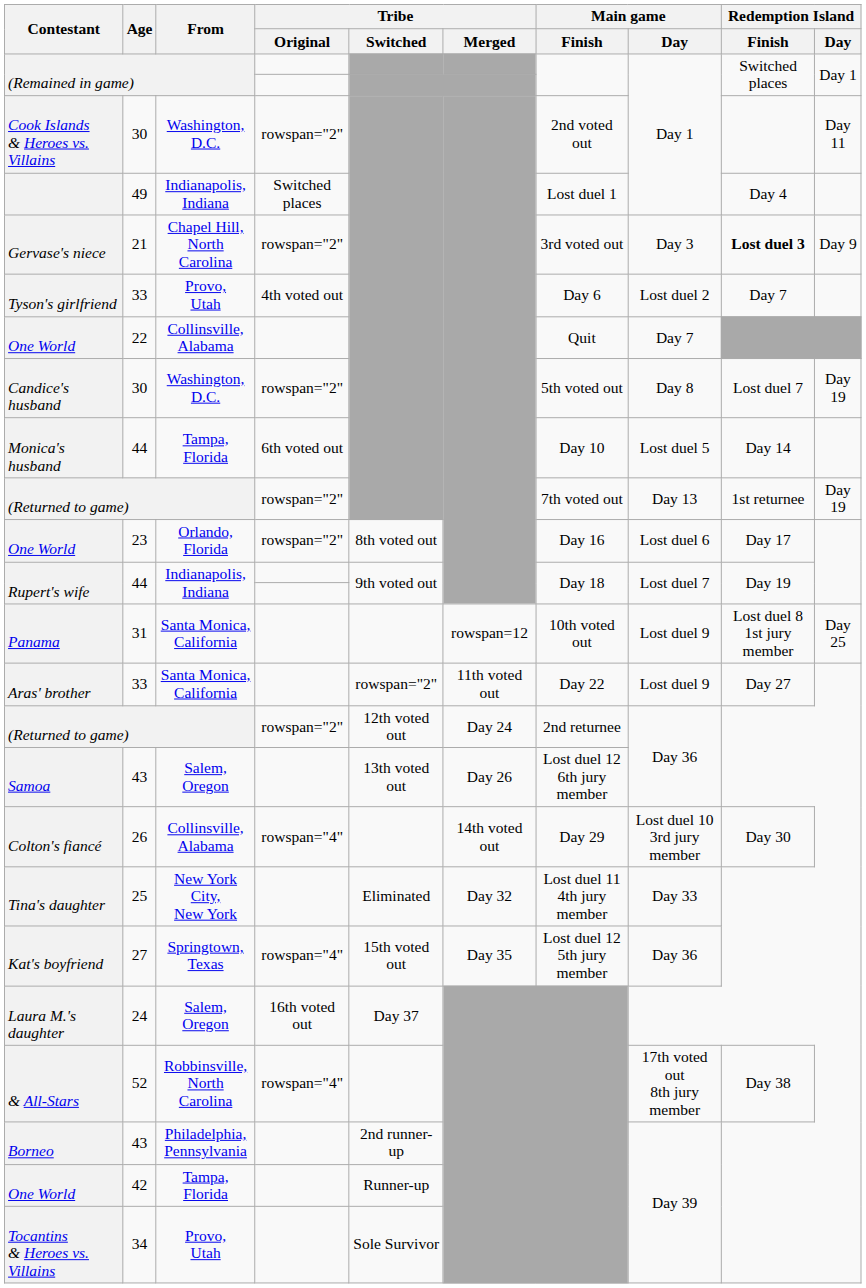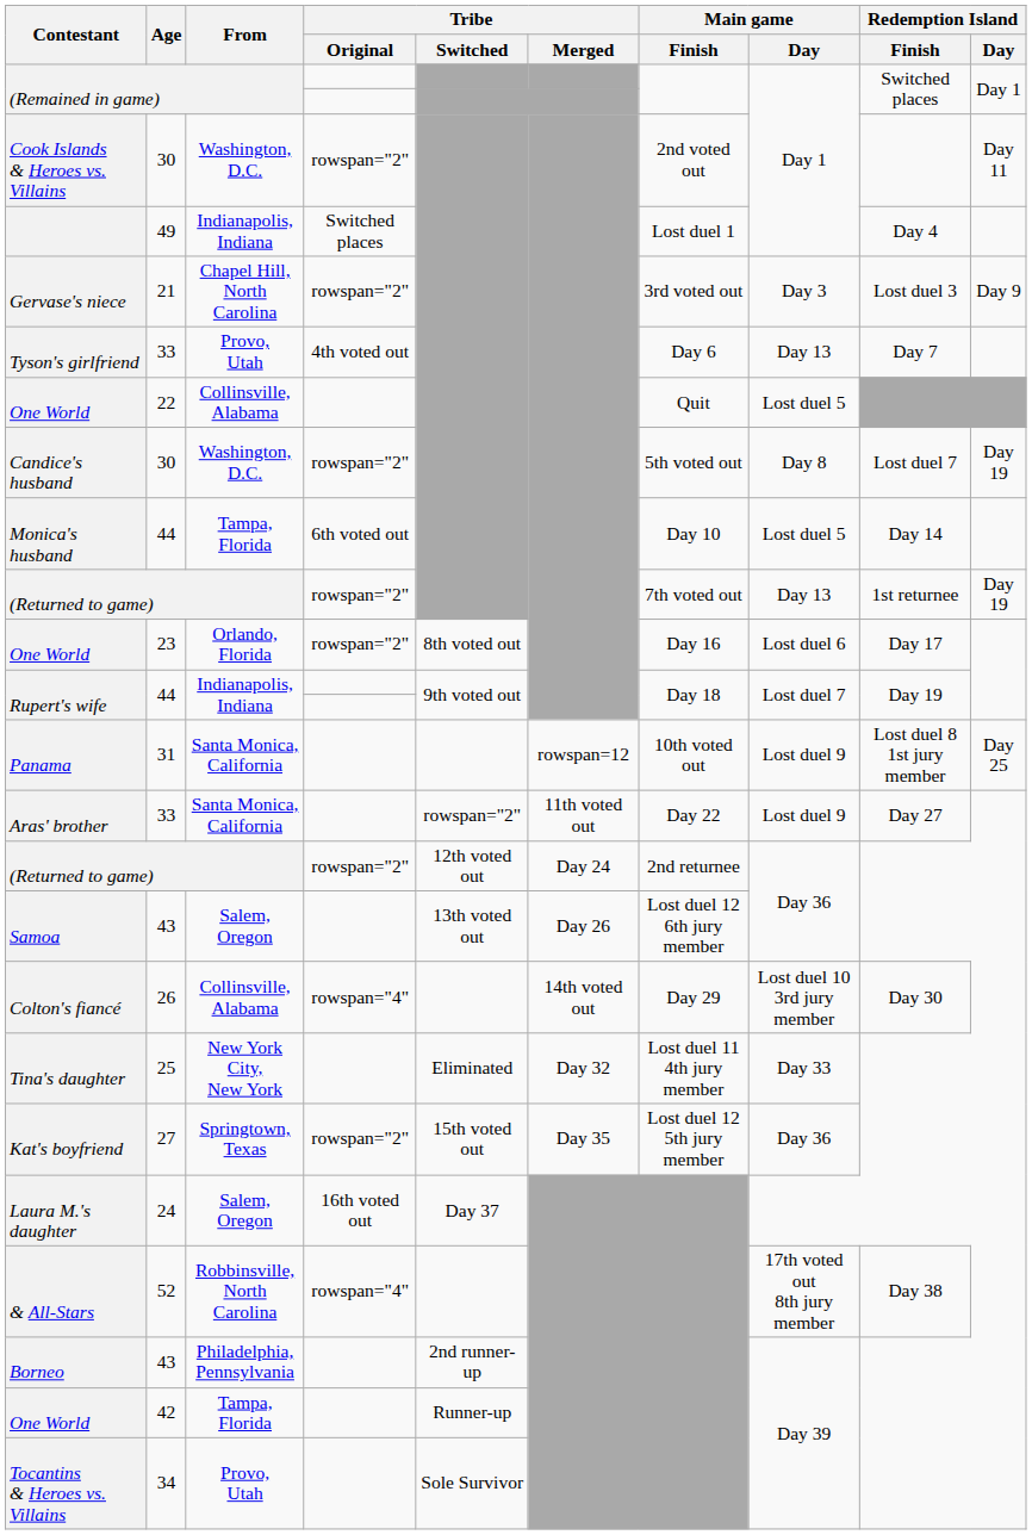 <table class="wikitable sortable" style="margin:auto; text-align:center">
 <tr>
 <th rowspan="2" scope="col">Contestant</th>
 <th rowspan="2" scope="col">Age</th>
 <th rowspan="2" scope="col" class=unsortable>From</th>
 <th colspan="3" scope="colgroup">Tribe</th>
 <th colspan="2" scope="colgroup">Main game</th>
 <th colspan="2" scope="col" class="unsortable">Redemption Island</th>
 </tr>
 <tr>
 <th scope="col">Original</th>
 <th scope="col" class=unsortable>Switched</th>
 <th scope="col" class=unsortable>Merged</th>
 <th scope="col" class=unsortable>Finish</th>
 <th scope="col" class=unsortable>Day</th>
 <th scope="col" class=unsortable>Finish</th>
 <th scope="col" class=unsortable>Day</th>
 </tr>
 <tr>
 <th colspan="3" rowspan="2" scope="row" style="text-align:left;font-weight:normal"><em></em><br><em>(Remained in game)</em></th>
 <td></td>
 <td bgcolor="darkgray"></td>
 <td bgcolor="darkgray"></td>
 <td rowspan="2"></td>
 <td rowspan="4">Day 1</td>
 <td rowspan="2">Switched<br>places</td>
 <td rowspan="2">Day 1</td>
 </tr>
 <tr>
 <td></td>
 <td colspan="2" bgcolor="darkgray"></td>
 </tr>
 <tr>
 <th scope="row" style="text-align:left;font-weight:normal"><strong></strong><br><em><a href='#'>Cook Islands</a><br>& <a href='#'>Heroes vs. Villains</a></em></th>
 <td>30</td>
 <td><a href='#'>Washington,<br>D.C.</a></td>
 <td>rowspan="2" </td>
 <td rowspan="8" bgcolor="darkgray"></td>
 <td rowspan="11" bgcolor="darkgray"></td>
 <td>2nd voted out</td>
 <td></td>
 <td>Day 11</td>
 </tr>
 <tr>
 <th scope="row" style="text-align:left;font-weight:normal"><strong></strong><br></th>
 <td>49</td>
 <td><a href='#'>Indianapolis,<br>Indiana</a></td>
 <td>Switched<br>places</td>
 <td>Lost duel 1</td>
 <td>Day 4</td>
 </tr>
 <tr>
 <th scope="row" style="text-align:left;font-weight:normal"><strong></strong><br><em>Gervase's niece</em></th>
 <td>21</td>
 <td><a href='#'>Chapel Hill,<br>North Carolina</a></td>
 <td>rowspan="2" </td>
 <td>3rd voted out</td>
 <td>Day 3</td>
-<td><strong>Lost duel 3</strong></td>
+<td>Lost duel 3</td>
 <td>Day 9</td>
 </tr>
 <tr>
 <th scope="row" style="text-align:left;font-weight:normal"><strong></strong><br><em>Tyson's girlfriend</em></th>
 <td>33</td>
 <td><a href='#'>Provo,<br>Utah</a></td>
 <td>4th voted out</td>
 <td>Day 6</td>
-<td>Lost duel 2</td>
+<td>Day 13</td>
 <td>Day 7</td>
 </tr>
 <tr>
 <th scope="row" style="text-align:left;font-weight:normal"><strong></strong><br><em><a href='#'>One World</a></em></th>
 <td>22</td>
 <td><a href='#'>Collinsville,<br>Alabama</a></td>
 <td></td>
 <td>Quit</td>
-<td>Day 7</td>
+<td>Lost duel 5</td>
 <td colspan="2" bgcolor="darkgray"></td>
 </tr>
 <tr>
 <th scope="row" style="text-align:left;font-weight:normal"><strong></strong><br><em>Candice's husband</em></th>
 <td>30</td>
 <td><a href='#'>Washington,<br>D.C.</a></td>
 <td>rowspan="2" </td>
 <td>5th voted out</td>
 <td>Day 8</td>
 <td>Lost duel 7</td>
 <td>Day 19</td>
 </tr>
 <tr>
 <th scope="row" style="text-align:left;font-weight:normal"><strong></strong><br><em>Monica's husband</em></th>
 <td>44</td>
 <td><a href='#'>Tampa,<br>Florida</a></td>
 <td>6th voted out</td>
 <td>Day 10</td>
 <td>Lost duel 5</td>
 <td>Day 14</td>
 </tr>
 <tr>
 <th colspan="3" scope="row" style="text-align:left;font-weight:normal"><em></em><br><em>(Returned to game)</em></th>
 <td>rowspan="2" </td>
 <td>7th voted out</td>
 <td>Day 13</td>
 <td>1st returnee</td>
 <td>Day 19</td>
 </tr>
 <tr>
 <th scope="row" style="text-align:left;font-weight:normal"><strong></strong><br><em><a href='#'>One World</a></em></th>
 <td>23</td>
 <td><a href='#'>Orlando,<br>Florida</a></td>
 <td>rowspan="2" </td>
 <td>8th voted out</td>
 <td>Day 16</td>
 <td>Lost duel 6</td>
 <td>Day 17</td>
 </tr>
 <tr>
 <th scope="row" rowspan="2" style="text-align:left;font-weight:normal"><strong></strong><br><em>Rupert's wife</em></th>
 <td rowspan="2">44</td>
 <td rowspan="2"><a href='#'>Indianapolis,<br>Indiana</a></td>
 <td></td>
 <td rowspan="2">9th voted out</td>
 <td rowspan="2">Day 18</td>
 <td rowspan="2">Lost duel 7</td>
 <td rowspan="2">Day 19</td>
 </tr>
 <tr>
 <td></td>
 </tr>
 <tr>
 <th scope="row" style="text-align:left;font-weight:normal"><strong></strong><br><em><a href='#'>Panama</a></em></th>
 <td>31</td>
 <td><a href='#'>Santa Monica,<br>California</a></td>
 <td></td>
 <td></td>
 <td>rowspan=12 </td>
 <td>10th voted out</td>
 <td>Lost duel 9<br></td>
 <td>Lost duel 8<br>1st jury member</td>
 <td>Day 25</td>
 </tr>
 <tr>
 <th scope="row" style="text-align:left;font-weight:normal"><strong></strong><br><em>Aras' brother</em></th>
 <td>33</td>
 <td><a href='#'>Santa Monica,<br>California</a></td>
 <td></td>
 <td>rowspan="2" </td>
 <td>11th voted out</td>
 <td>Day 22</td>
 <td>Lost duel 9<br></td>
 <td>Day 27</td>
 </tr>
 <tr>
 <th colspan="3" scope="row" style="text-align:left;font-weight:normal"><em></em><br><em>(Returned to game)</em></th>
 <td>rowspan="2" </td>
 <td>12th voted out</td>
 <td>Day 24</td>
 <td>2nd returnee</td>
 <td rowspan="2">Day 36</td>
 </tr>
 <tr>
 <th scope="row" style="text-align:left;font-weight:normal"><strong></strong><br><em><a href='#'>Samoa</a></em></th>
 <td>43</td>
 <td><a href='#'>Salem,<br>Oregon</a></td>
 <td></td>
 <td>13th voted out</td>
 <td>Day 26</td>
 <td>Lost duel 12<br>6th jury member</td>
 </tr>
 <tr>
 <th scope="row" style="text-align:left;font-weight:normal"><strong></strong><br><em>Colton's fiancé</em></th>
 <td>26</td>
 <td><a href='#'>Collinsville,<br>Alabama</a></td>
 <td>rowspan="4" </td>
 <td></td>
 <td>14th voted out</td>
 <td>Day 29</td>
 <td>Lost duel 10<br>3rd jury member</td>
 <td>Day 30</td>
 </tr>
 <tr>
 <th scope="row" style="text-align:left;font-weight:normal"><strong></strong><br><em>Tina's daughter</em></th>
 <td>25</td>
 <td><a href='#'>New York City,<br>New York</a></td>
 <td></td>
 <td>Eliminated</td>
 <td>Day 32</td>
 <td>Lost duel 11<br>4th jury member</td>
 <td>Day 33</td>
 </tr>
 <tr>
 <th scope="row" style="text-align:left;font-weight:normal"><strong></strong><br><em>Kat's boyfriend</em></th>
 <td>27</td>
 <td><a href='#'>Springtown,<br>Texas</a></td>
-<td>rowspan="4" </td>
+<td>rowspan="2" </td>
 <td>15th voted out</td>
 <td>Day 35</td>
 <td>Lost duel 12<br>5th jury member</td>
 <td>Day 36</td>
 </tr>
 <tr>
 <th scope="row" style="text-align:left;font-weight:normal"><strong></strong><br><em>Laura M.'s daughter</em></th>
 <td>24</td>
 <td><a href='#'>Salem,<br>Oregon</a></td>
 <td>16th voted out<br></td>
 <td>Day 37</td>
 <td colspan="2" rowspan="5" bgcolor="darkgray"></td>
 </tr>
 <tr>
 <th scope="row" style="text-align:left;font-weight:normal"><strong></strong><br><em><a href='#'></a><br>& <a href='#'>All-Stars</a></em></th>
 <td>52</td>
 <td><a href='#'>Robbinsville,<br>North Carolina</a></td>
 <td>rowspan="4" </td>
 <td></td>
 <td>17th voted out<br>8th jury member</td>
 <td>Day 38</td>
 </tr>
 <tr>
 <th scope="row" style="text-align:left;font-weight:normal"><strong></strong><br><em><a href='#'>Borneo</a></em></th>
 <td>43</td>
 <td><a href='#'>Philadelphia,<br>Pennsylvania</a></td>
 <td></td>
 <td>2nd runner-up</td>
 <td rowspan="3">Day 39</td>
 </tr>
 <tr>
 <th scope="row" style="text-align:left;font-weight:normal"><strong></strong><br><em><a href='#'>One World</a></em></th>
 <td>42</td>
 <td><a href='#'>Tampa,<br>Florida</a></td>
 <td></td>
 <td>Runner-up</td>
 </tr>
 <tr>
 <th scope="row" style="text-align:left;font-weight:normal"><strong></strong><br><em><a href='#'>Tocantins</a><br>& <a href='#'>Heroes vs. Villains</a></em></th>
 <td>34</td>
 <td><a href='#'>Provo,<br>Utah</a></td>
 <td></td>
 <td>Sole Survivor</td>
 </tr>
 </table>
